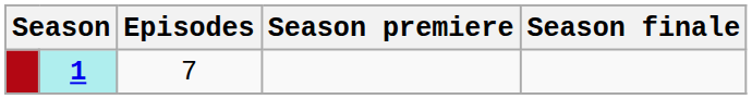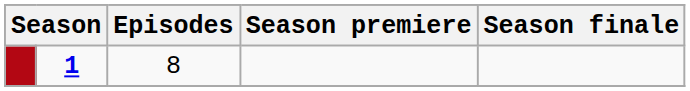 <table class="wikitable">
 <tr>
 <th colspan="2">Season</th>
 <th>Episodes</th>
 <th>Season premiere</th>
 <th>Season finale</th>
 </tr>
 <tr>
 <td style="background:#B30713; height:5px;"></td>
-<td style="background: paleturquoise; text-align:center;"><strong><a href='#'>1</a></strong></td>
-<td style="text-align:center;">7</td>
+<td style="text-align:center;"><strong><a href='#'>1</a></strong></td>
+<td style="text-align:center;">8</td>
 <td style="text-align:center;"></td>
 <td style="text-align:center;"></td>
 </tr>
 <tr>
 </tr>
 </table>
